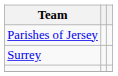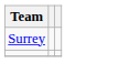 <table class="wikitable sortable plainrowheaders" style="font-size:100%; display:inline-table; margin-right:1em;">
 <tr>
 <th scope=col>Team</th>
 <th></th>
 <th></th>
-</tr>
-<tr>
-<td> <a href='#'>Parishes of Jersey</a></td>
-<td></td>
-<td></td>
 </tr>
 <tr>
 <td> <a href='#'>Surrey</a></td>
 <td></td>
 <td></td>
 </tr>
 <tr>
 <td></td>
 <td></td>
 <td></td>
 </tr>
 <tr>
 </tr>
 </table>
